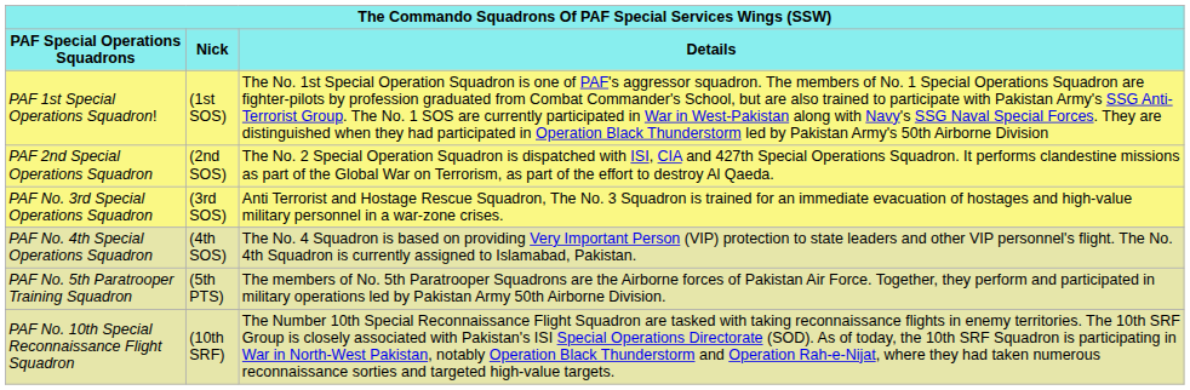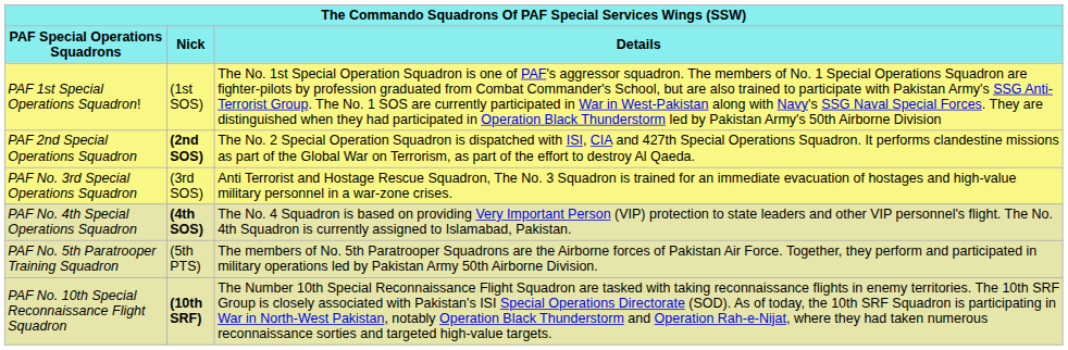 <table class="wikitable">
 <tr>
 <th colspan="3" style="background:#88EEEE;">The Commando Squadrons Of PAF Special Services Wings (SSW)</th>
 </tr>
 <tr>
 <th style="background:#88EEEE;"><strong>PAF Special Operations Squadrons</strong></th>
 <th style="background:#88EEEE;"><strong>Nick</strong></th>
 <th style="background:#88EEEE;"><strong>Details</strong></th>
 </tr>
 <tr>
 <td style="background: #faf884;"><em>PAF 1st Special Operations Squadron</em>!</td>
 <td style="background: #faf884;">(1st SOS)</td>
 <td style="background: #faf884;">The No. 1st Special Operation Squadron is one of <a href='#'>PAF</a>'s aggressor squadron. The members of No. 1 Special Operations Squadron are fighter-pilots by profession graduated from Combat Commander's School, but are also trained to participate with Pakistan Army's <a href='#'>SSG Anti-Terrorist Group</a>. The No. 1 SOS are currently participated in <a href='#'>War in West-Pakistan</a> along with <a href='#'>Navy</a>'s <a href='#'>SSG Naval Special Forces</a>. They are distinguished when they had participated in <a href='#'>Operation Black Thunderstorm</a> led by Pakistan Army's 50th Airborne Division</td>
 </tr>
 <tr>
 <td style="background: #faf884;"><em>PAF 2nd Special Operations Squadron </em></td>
-<td style="background: #faf884;">(2nd SOS)</td>
+<td style="background: #faf884;"><strong>(2nd SOS)</strong></td>
 <td style="background: #faf884;">The No. 2 Special Operation Squadron is dispatched with <a href='#'>ISI</a>, <a href='#'>CIA</a> and 427th Special Operations Squadron. It performs clandestine missions as part of the Global War on Terrorism, as part of the effort to destroy Al Qaeda.</td>
 </tr>
 <tr>
 <td style="background: #faf884;"><em>PAF No. 3rd Special Operations Squadron</em></td>
 <td style="background: #faf884;">(3rd SOS)</td>
 <td style="background: #faf884;">Anti Terrorist and Hostage Rescue Squadron, The No. 3 Squadron is trained for an immediate evacuation of hostages and high-value military personnel in a war-zone crises.</td>
 </tr>
 <tr>
 <td style="background:#e6e6aa;"><em>PAF No. 4th Special Operations Squadron </em></td>
-<td style="background:#e6e6aa;">(4th SOS)</td>
+<td style="background:#e6e6aa;"><strong>(4th SOS)</strong></td>
 <td style="background:#e6e6aa;">The No. 4 Squadron is based on providing <a href='#'>Very Important Person</a> (VIP) protection to state leaders and other VIP personnel's flight. The No. 4th Squadron is currently assigned to Islamabad, Pakistan.</td>
 </tr>
 <tr>
 <td style="background:#e6e6aa;"><em>PAF No. 5th Paratrooper Training Squadron</em></td>
 <td style="background:#e6e6aa;">(5th PTS)</td>
 <td style="background:#e6e6aa;">The members of No. 5th Paratrooper Squadrons are the Airborne forces of Pakistan Air Force. Together, they perform and participated in military operations led by Pakistan Army 50th Airborne Division.</td>
 </tr>
 <tr>
 <td style="background:#e6e6aa;"><em>PAF No. 10th Special Reconnaissance Flight Squadron</em></td>
-<td style="background:#e6e6aa;">(10th SRF)</td>
+<td style="background:#e6e6aa;"><strong>(10th SRF)</strong></td>
 <td style="background:#e6e6aa;">The Number 10th Special Reconnaissance Flight Squadron are tasked with taking reconnaissance flights in enemy territories. The 10th SRF Group is closely associated with Pakistan's ISI <a href='#'>Special Operations Directorate</a> (SOD). As of today, the 10th SRF Squadron is participating in <a href='#'>War in North-West Pakistan</a>, notably <a href='#'>Operation Black Thunderstorm</a> and <a href='#'>Operation Rah-e-Nijat</a>, where they had taken numerous reconnaissance sorties and targeted high-value targets.</td>
 </tr>
 </table>
